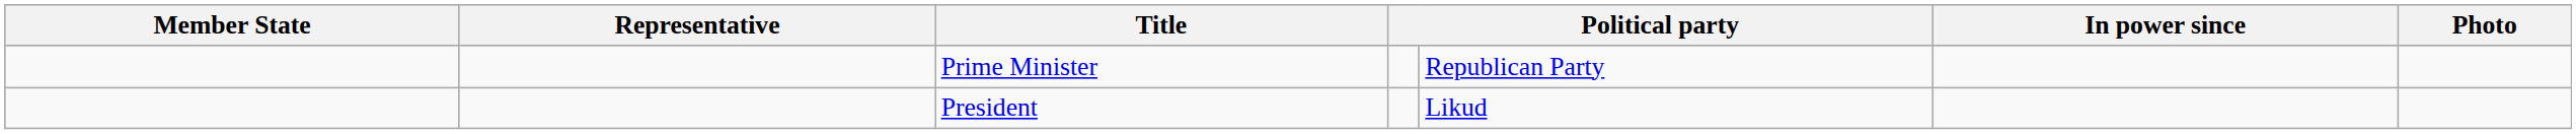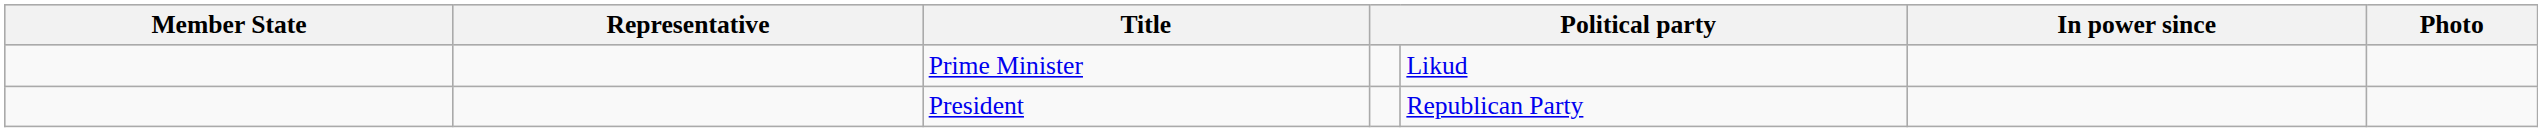 <table class="wikitable sortable" width=100% style="border-collapse:collapse; border:#555">
 <tr>
 <th>Member State</th>
 <th>Representative</th>
 <th>Title</th>
 <th colspan=2>Political party</th>
 <th>In power since</th>
 <th class="unsortable" style="width:100px;">Photo</th>
 </tr>
 <tr>
 <td></td>
 <td></td>
 <td> <a href='#'>Prime Minister</a></td>
 <td style="background-color:"></td>
-<td><a href='#'>Republican Party</a></td>
+<td><a href='#'>Likud</a></td>
 <td></td>
 <td></td>
 </tr>
 <tr>
 <td></td>
 <td></td>
 <td> <a href='#'>President</a></td>
 <td style="background-color:"></td>
-<td><a href='#'>Likud</a></td>
+<td><a href='#'>Republican Party</a></td>
 <td></td>
 <td></td>
 </tr>
 </table>
